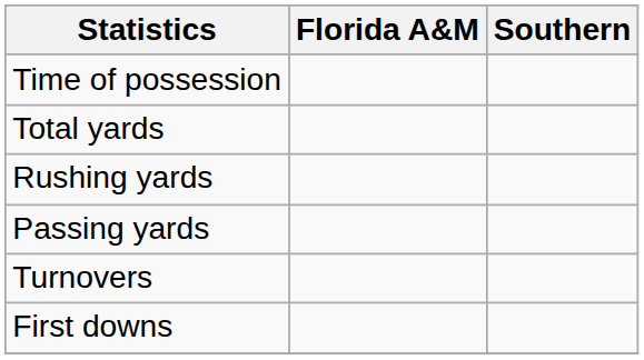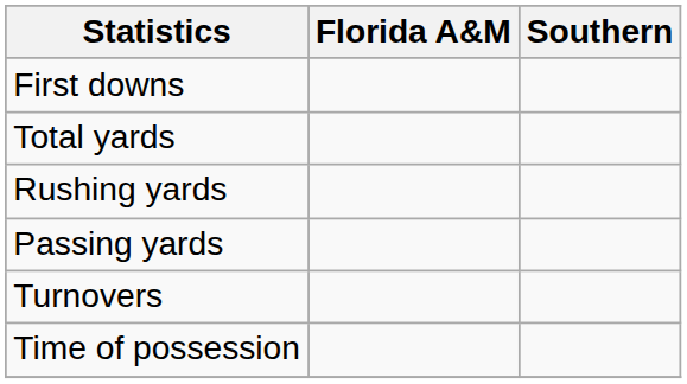 <table class="wikitable">
 <tr>
 <th>Statistics</th>
 <th>Florida A&M</th>
 <th>Southern</th>
 </tr>
 <tr>
-<td>Time of possession</td>
+<td>First downs</td>
 <td> </td>
 <td> </td>
 </tr>
 <tr>
 <td>Total yards</td>
 <td> </td>
 <td> </td>
 </tr>
 <tr>
 <td>Rushing yards</td>
 <td> </td>
 <td> </td>
 </tr>
 <tr>
 <td>Passing yards</td>
 <td> </td>
 <td> </td>
 </tr>
 <tr>
 <td>Turnovers</td>
 <td> </td>
 <td> </td>
 </tr>
 <tr>
-<td>First downs</td>
+<td>Time of possession</td>
 <td> </td>
 <td> </td>
 </tr>
 <tr>
 </tr>
 </table>
